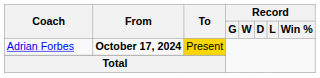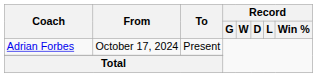 <table class="wikitable sortable nowrap" style="text-align: center">
 <tr>
 <th rowspan="2" width=125>Coach</th>
 <th rowspan="2">From</th>
 <th rowspan="2">To</th>
 <th colspan="6">Record</th>
 </tr>
 <tr>
 <th>G</th>
 <th>W</th>
 <th>D</th>
 <th>L</th>
 <th>Win %</th>
 </tr>
 <tr>
 <td align=left> <a href='#'>Adrian Forbes</a></td>
-<td align=left><strong>October 17, 2024</strong></td>
-<td align=left style="background: gold;">Present<br></td>
+<td align=left>October 17, 2024</td>
+<td align=left>Present<br></td>
 </tr>
 <tr>
 </tr>
 <tr class="sortbottom">
 <th colspan="3">Total<br></th>
 </tr>
 </table>
